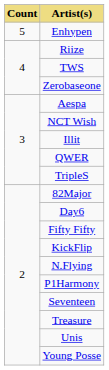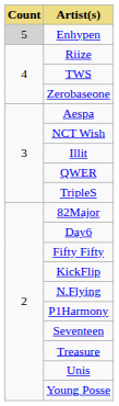 <table class="wikitable" style="text-align:center">
 <tr>
 <th scope="col" style="background-color:#EEDD82">Count</th>
 <th scope="col" style="background-color:#EEDD82">Artist(s)</th>
 </tr>
 <tr>
-<td>5</td>
+<td style="background: lightgrey;">5</td>
 <td><a href='#'>Enhypen</a></td>
 </tr>
 <tr>
 <td rowspan="3">4</td>
 <td><a href='#'>Riize</a></td>
 </tr>
 <tr>
 <td><a href='#'>TWS</a></td>
 </tr>
 <tr>
 <td><a href='#'>Zerobaseone</a></td>
 </tr>
 <tr>
 <td rowspan="5">3</td>
 <td><a href='#'>Aespa</a></td>
 </tr>
 <tr>
 <td><a href='#'>NCT Wish</a></td>
 </tr>
 <tr>
 <td><a href='#'>Illit</a></td>
 </tr>
 <tr>
 <td><a href='#'>QWER</a></td>
 </tr>
 <tr>
 <td><a href='#'>TripleS</a></td>
 </tr>
 <tr>
 <td rowspan="10">2</td>
 <td><a href='#'>82Major</a></td>
 </tr>
 <tr>
 <td><a href='#'>Day6</a></td>
 </tr>
 <tr>
 <td><a href='#'>Fifty Fifty</a></td>
 </tr>
 <tr>
 <td><a href='#'>KickFlip</a></td>
 </tr>
 <tr>
 <td><a href='#'>N.Flying</a></td>
 </tr>
 <tr>
 <td><a href='#'>P1Harmony</a></td>
 </tr>
 <tr>
 <td><a href='#'>Seventeen</a></td>
 </tr>
 <tr>
 <td><a href='#'>Treasure</a></td>
 </tr>
 <tr>
 <td><a href='#'>Unis</a></td>
 </tr>
 <tr>
 <td><a href='#'>Young Posse</a></td>
 </tr>
 </table>
